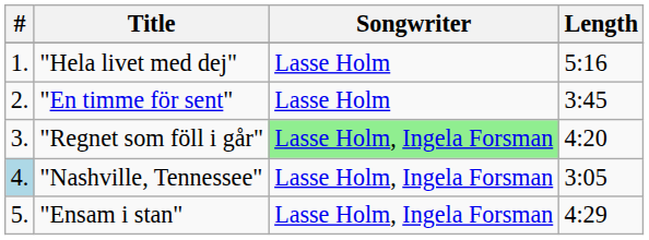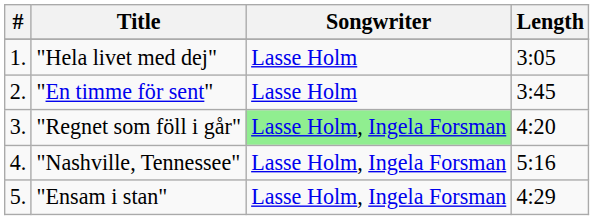 <table class="wikitable">
 <tr>
 <th>#</th>
 <th>Title</th>
 <th>Songwriter</th>
 <th>Length</th>
 </tr>
 <tr bgcolor="#ebf5ff">
 </tr>
 <tr>
 <td>1.</td>
 <td>"Hela livet med dej"</td>
 <td><a href='#'>Lasse Holm</a></td>
-<td>5:16</td>
+<td>3:05</td>
 </tr>
 <tr>
 <td>2.</td>
 <td>"<a href='#'>En timme för sent</a>"</td>
 <td><a href='#'>Lasse Holm</a></td>
 <td>3:45</td>
 </tr>
 <tr>
 <td>3.</td>
 <td>"Regnet som föll i går"</td>
 <td style="background: lightgreen;"><a href='#'>Lasse Holm</a>, <a href='#'>Ingela Forsman</a></td>
 <td>4:20</td>
 </tr>
 <tr>
-<td style="background: lightblue;">4.</td>
+<td>4.</td>
 <td>"Nashville, Tennessee"</td>
 <td><a href='#'>Lasse Holm</a>, <a href='#'>Ingela Forsman</a></td>
-<td>3:05</td>
+<td>5:16</td>
 </tr>
 <tr>
 <td>5.</td>
 <td>"Ensam i stan"</td>
 <td><a href='#'>Lasse Holm</a>, <a href='#'>Ingela Forsman</a></td>
 <td>4:29</td>
 </tr>
 </table>
